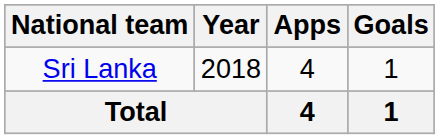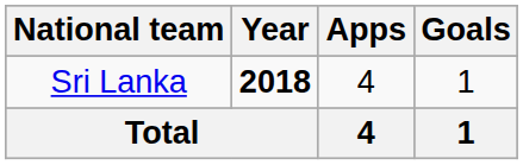 <table class="wikitable" style="text-align:center">
 <tr>
 <th>National team</th>
 <th>Year</th>
 <th>Apps</th>
 <th>Goals</th>
 </tr>
 <tr>
 <td><a href='#'>Sri Lanka</a></td>
-<td>2018</td>
+<td><strong>2018</strong></td>
 <td>4</td>
 <td>1</td>
 </tr>
 <tr>
 <th colspan=2>Total</th>
 <th>4</th>
 <th>1</th>
 </tr>
 </table>
